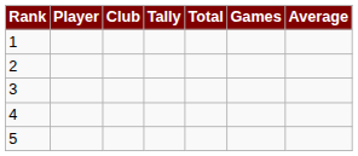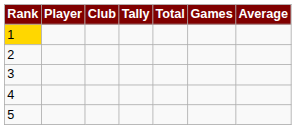 <table class="wikitable">
 <tr>
 <th style="background:maroon;color:white">Rank</th>
 <th style="background:maroon;color:white">Player</th>
 <th style="background:maroon;color:white">Club</th>
 <th style="background:maroon;color:white">Tally</th>
 <th style="background:maroon;color:white">Total</th>
 <th style="background:maroon;color:white">Games</th>
 <th style="background:maroon;color:white">Average</th>
 </tr>
 <tr>
-<td>1</td>
+<td style="background: gold;">1</td>
 <td></td>
 <td></td>
 <td align=center></td>
 <td align=center></td>
 <td align=center></td>
 <td align=center></td>
 </tr>
 <tr>
 <td>2</td>
 <td></td>
 <td></td>
 <td align=center></td>
 <td align=center></td>
 <td align=center></td>
 <td align=center></td>
 </tr>
 <tr>
 <td>3</td>
 <td></td>
 <td></td>
 <td align=center></td>
 <td align=center></td>
 <td align=center></td>
 <td align=center></td>
 </tr>
 <tr>
 <td>4</td>
 <td></td>
 <td align=center></td>
 <td align=center></td>
 <td align=center></td>
 <td align=center></td>
 </tr>
 <tr>
 <td>5</td>
 <td></td>
 <td></td>
 <td align=center></td>
 <td align=center></td>
 <td align=center></td>
 <td align=center></td>
 </tr>
 </table>
